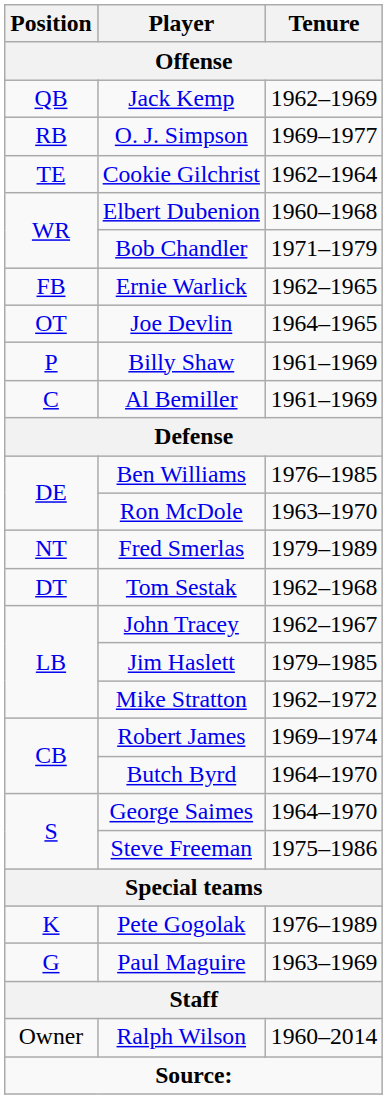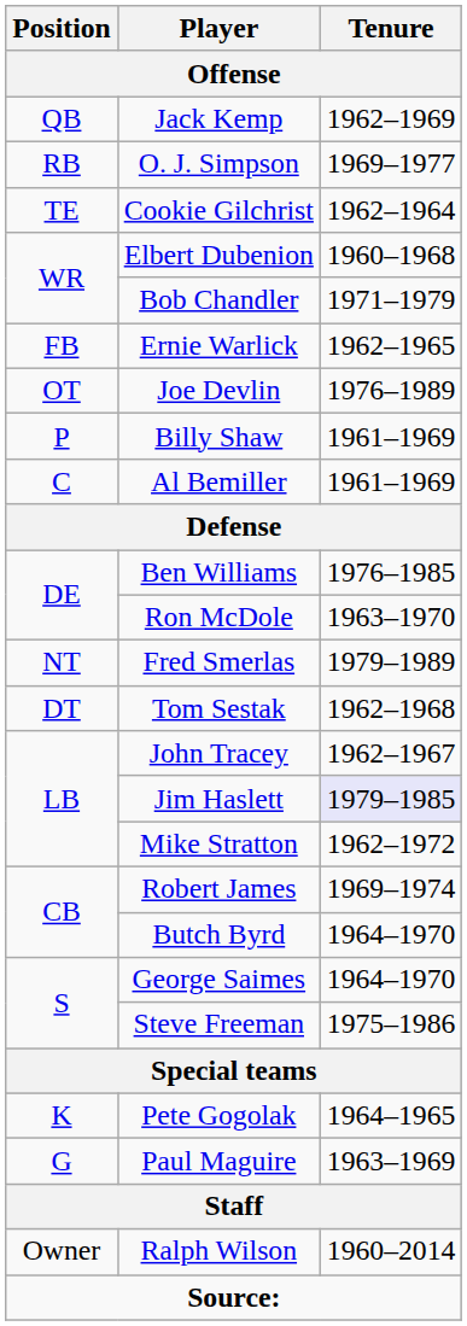 <table class="wikitable" style="text-align: center;">
 <tr>
 <th scope="col">Position</th>
 <th scope="col">Player</th>
 <th scope="col">Tenure</th>
 </tr>
 <tr>
 <th colspan="3">Offense</th>
 </tr>
 <tr>
 <td><a href='#'>QB</a></td>
 <td><a href='#'>Jack Kemp</a></td>
 <td>1962–1969</td>
 </tr>
 <tr>
 <td><a href='#'>RB</a></td>
 <td><a href='#'>O. J. Simpson</a></td>
 <td>1969–1977</td>
 </tr>
 <tr>
 <td><a href='#'>TE</a></td>
 <td><a href='#'>Cookie Gilchrist</a></td>
 <td>1962–1964</td>
 </tr>
 <tr>
 <td rowspan="2"><a href='#'>WR</a></td>
 <td><a href='#'>Elbert Dubenion</a></td>
 <td>1960–1968</td>
 </tr>
 <tr>
 <td><a href='#'>Bob Chandler</a></td>
 <td>1971–1979</td>
 </tr>
 <tr>
 <td><a href='#'>FB</a></td>
 <td><a href='#'>Ernie Warlick</a></td>
 <td>1962–1965</td>
 </tr>
 <tr>
 <td><a href='#'>OT</a></td>
 <td><a href='#'>Joe Devlin</a></td>
-<td>1964–1965</td>
+<td>1976–1989</td>
 </tr>
 <tr>
 <td><a href='#'>P</a></td>
 <td><a href='#'>Billy Shaw</a></td>
 <td>1961–1969</td>
 </tr>
 <tr>
 <td><a href='#'>C</a></td>
 <td><a href='#'>Al Bemiller</a></td>
 <td>1961–1969</td>
 </tr>
 <tr>
 <th colspan="3">Defense</th>
 </tr>
 <tr>
 <td rowspan="2"><a href='#'>DE</a></td>
 <td><a href='#'>Ben Williams</a></td>
 <td>1976–1985</td>
 </tr>
 <tr>
 <td><a href='#'>Ron McDole</a></td>
 <td>1963–1970</td>
 </tr>
 <tr>
 <td><a href='#'>NT</a></td>
 <td><a href='#'>Fred Smerlas</a></td>
 <td>1979–1989</td>
 </tr>
 <tr>
 <td><a href='#'>DT</a></td>
 <td><a href='#'>Tom Sestak</a></td>
 <td>1962–1968</td>
 </tr>
 <tr>
 <td rowspan="3"><a href='#'>LB</a></td>
 <td><a href='#'>John Tracey</a></td>
 <td>1962–1967</td>
 </tr>
 <tr>
 <td><a href='#'>Jim Haslett</a></td>
-<td>1979–1985</td>
+<td style="background: lavender;">1979–1985</td>
 </tr>
 <tr>
 <td><a href='#'>Mike Stratton</a></td>
 <td>1962–1972</td>
 </tr>
 <tr>
 <td rowspan="2"><a href='#'>CB</a></td>
 <td><a href='#'>Robert James</a></td>
 <td>1969–1974</td>
 </tr>
 <tr>
 <td><a href='#'>Butch Byrd</a></td>
 <td>1964–1970</td>
 </tr>
 <tr>
 <td rowspan="2"><a href='#'>S</a></td>
 <td><a href='#'>George Saimes</a></td>
 <td>1964–1970</td>
 </tr>
 <tr>
 <td><a href='#'>Steve Freeman</a></td>
 <td>1975–1986</td>
 </tr>
 <tr>
 <th colspan="3">Special teams</th>
 </tr>
 <tr>
 <td><a href='#'>K</a></td>
 <td><a href='#'>Pete Gogolak</a></td>
-<td>1976–1989</td>
+<td>1964–1965</td>
 </tr>
 <tr>
 <td><a href='#'>G</a></td>
 <td><a href='#'>Paul Maguire</a></td>
 <td>1963–1969</td>
 </tr>
 <tr>
 <th colspan="3">Staff</th>
 </tr>
 <tr>
 <td>Owner</td>
 <td><a href='#'>Ralph Wilson</a></td>
 <td>1960–2014</td>
 </tr>
 <tr>
 <td colspan="3" style="text-align: center;"><strong>Source:</strong></td>
 </tr>
 </table>
